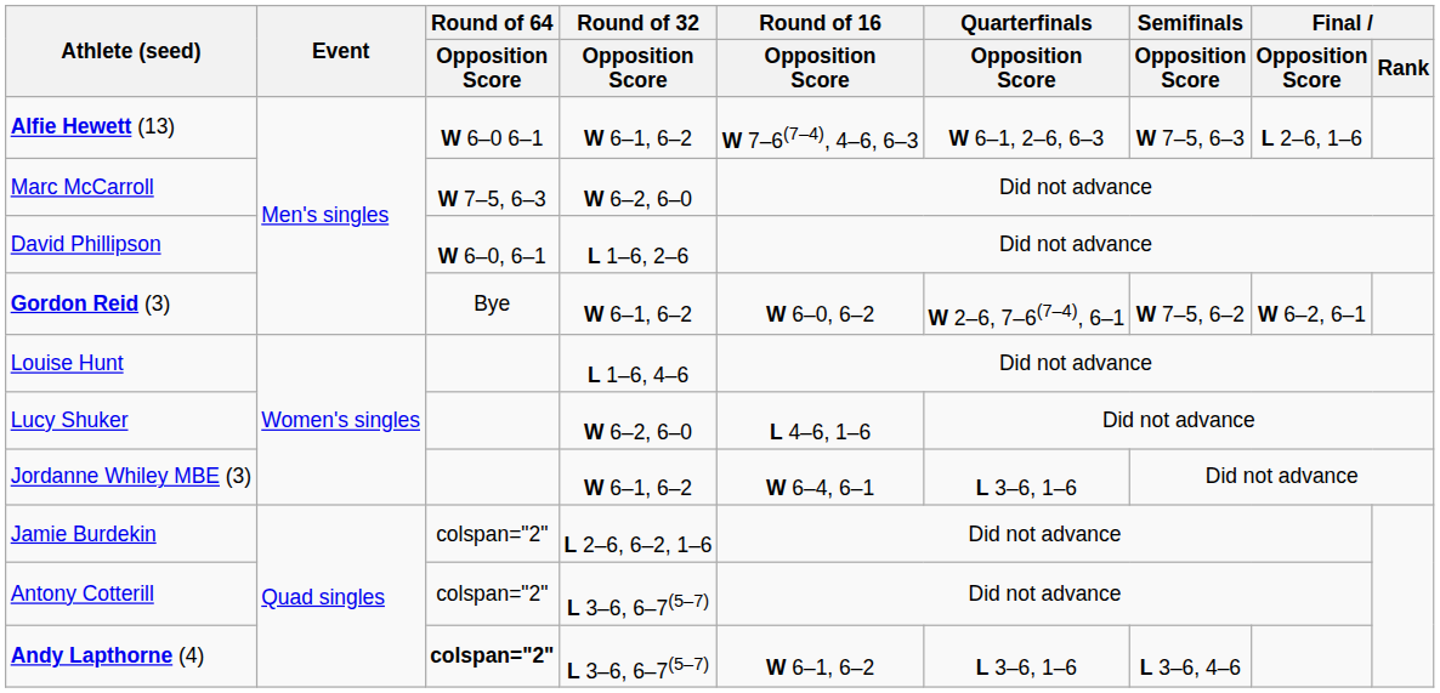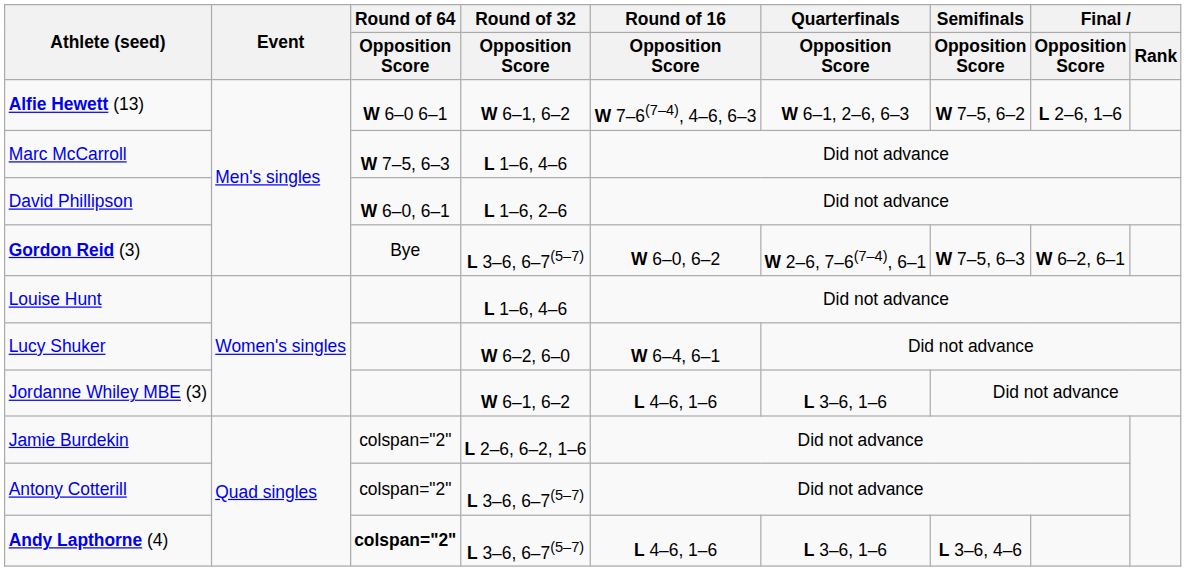 <table class=wikitable style="font-size:90%">
 <tr>
 <th rowspan="2">Athlete (seed)</th>
 <th rowspan="2">Event</th>
 <th>Round of 64</th>
 <th>Round of 32</th>
 <th>Round of 16</th>
 <th>Quarterfinals</th>
 <th>Semifinals</th>
 <th colspan="2">Final / </th>
 </tr>
 <tr>
 <th>Opposition<br>Score</th>
 <th>Opposition<br>Score</th>
 <th>Opposition<br>Score</th>
 <th>Opposition<br>Score</th>
 <th>Opposition<br>Score</th>
 <th>Opposition<br>Score</th>
 <th>Rank</th>
 </tr>
 <tr align=center>
 <td align=left><strong><a href='#'>Alfie Hewett</a></strong> (13)</td>
 <td style="text-align:left;" rowspan="4"><a href='#'>Men's singles</a></td>
 <td><br><strong>W</strong> 6–0 6–1</td>
 <td><br><strong>W</strong> 6–1, 6–2</td>
 <td><br><strong>W</strong> 7–6<sup>(7–4)</sup>, 4–6, 6–3</td>
 <td><br><strong>W</strong> 6–1, 2–6, 6–3</td>
-<td><br><strong>W</strong> 7–5, 6–3</td>
+<td><br><strong>W</strong> 7–5, 6–2</td>
 <td><br><strong>L</strong> 2–6, 1–6</td>
 <td></td>
 </tr>
 <tr align=center>
 <td align=left><a href='#'>Marc McCarroll</a></td>
 <td><br><strong>W</strong> 7–5, 6–3</td>
-<td><br><strong>W</strong> 6–2, 6–0</td>
+<td><br><strong>L</strong> 1–6, 4–6</td>
 <td colspan="5">Did not advance</td>
 </tr>
 <tr align=center>
 <td align=left><a href='#'>David Phillipson</a></td>
 <td><br><strong>W</strong> 6–0, 6–1</td>
 <td><br><strong>L</strong> 1–6, 2–6</td>
 <td colspan="5">Did not advance</td>
 </tr>
 <tr align=center>
 <td align=left><strong><a href='#'>Gordon Reid</a></strong> (3)</td>
 <td>Bye</td>
-<td><br><strong>W</strong> 6–1, 6–2</td>
+<td><br><strong>L</strong> 3–6, 6–7<sup>(5–7)</sup></td>
 <td><br><strong>W</strong> 6–0, 6–2</td>
 <td><br><strong>W</strong> 2–6, 7–6<sup>(7–4)</sup>, 6–1</td>
-<td><br><strong>W</strong> 7–5, 6–2</td>
+<td><br><strong>W</strong> 7–5, 6–3</td>
 <td><br><strong>W</strong> 6–2, 6–1</td>
 <td></td>
 </tr>
 <tr align=center>
 <td align=left><a href='#'>Louise Hunt</a></td>
 <td style="text-align:left;" rowspan="3"><a href='#'>Women's singles</a></td>
 <td></td>
 <td><br><strong>L</strong> 1–6, 4–6</td>
 <td colspan="5">Did not advance</td>
 </tr>
 <tr align=center>
 <td align=left><a href='#'>Lucy Shuker</a></td>
 <td></td>
 <td><br><strong>W</strong> 6–2, 6–0</td>
-<td><br><strong>L</strong> 4–6, 1–6</td>
+<td><br><strong>W</strong> 6–4, 6–1</td>
 <td colspan="4">Did not advance</td>
 </tr>
 <tr align=center>
 <td align=left><a href='#'>Jordanne Whiley MBE</a> (3)</td>
 <td></td>
 <td><br><strong>W</strong> 6–1, 6–2</td>
-<td><br><strong>W</strong> 6–4, 6–1</td>
+<td><br><strong>L</strong> 4–6, 1–6</td>
 <td><br><strong>L</strong> 3–6, 1–6</td>
 <td colspan="3">Did not advance</td>
 </tr>
 <tr align=center>
 <td align=left><a href='#'>Jamie Burdekin</a></td>
 <td style="text-align:left;" rowspan="3"><a href='#'>Quad singles</a></td>
 <td>colspan="2" </td>
 <td><br><strong>L</strong> 2–6, 6–2, 1–6</td>
 <td colspan="4">Did not advance</td>
 </tr>
 <tr align=center>
 <td align=left><a href='#'>Antony Cotterill</a></td>
 <td>colspan="2" </td>
 <td><br><strong>L</strong> 3–6, 6–7<sup>(5–7)</sup></td>
 <td colspan="4">Did not advance</td>
 </tr>
 <tr align=center>
 <td align=left><strong><a href='#'>Andy Lapthorne</a></strong> (4)</td>
 <td><strong>colspan="2" </strong></td>
 <td><br><strong>L</strong> 3–6, 6–7<sup>(5–7)</sup></td>
-<td><br><strong>W</strong> 6–1, 6–2</td>
+<td><br><strong>L</strong> 4–6, 1–6</td>
 <td><br><strong>L</strong> 3–6, 1–6</td>
 <td><br><strong>L</strong> 3–6, 4–6</td>
 <td></td>
 </tr>
 </table>
